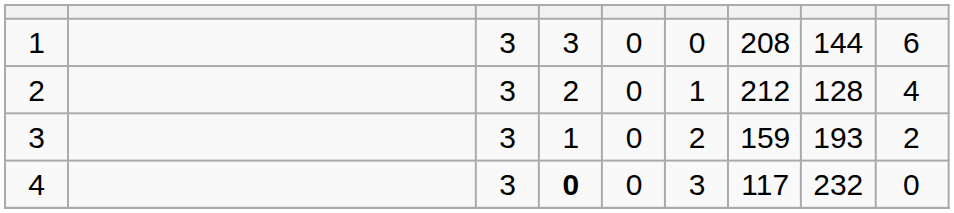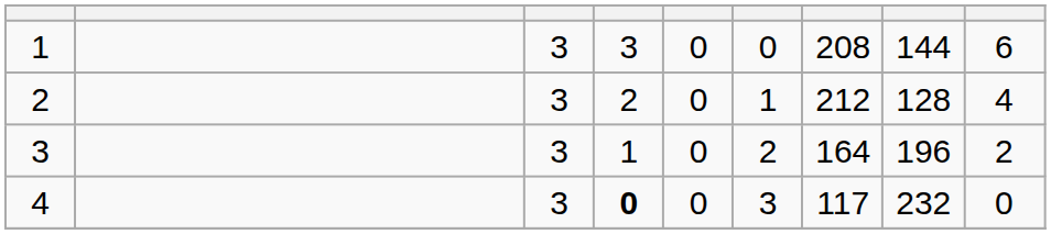 <table class="wikitable" style="text-align:center; font-size:95%">
 <tr>
 <th width="25"></th>
 <th width="200"></th>
 <th width="25"></th>
 <th width="25"></th>
 <th width="25"></th>
 <th width="25"></th>
 <th width="30"></th>
 <th width="30"></th>
 <th width="30"></th>
 </tr>
 <tr style="background:#">
 <td>1</td>
 <td style="text-align:left"></td>
 <td>3</td>
 <td>3</td>
 <td>0</td>
 <td>0</td>
 <td>208</td>
 <td>144</td>
 <td>6</td>
 </tr>
 <tr style="background:#">
 <td>2</td>
 <td style="text-align:left"></td>
 <td>3</td>
 <td>2</td>
 <td>0</td>
 <td>1</td>
 <td>212</td>
 <td>128</td>
 <td>4</td>
 </tr>
 <tr style="background:#">
 <td>3</td>
 <td style="text-align:left"></td>
 <td>3</td>
 <td>1</td>
 <td>0</td>
 <td>2</td>
-<td>159</td>
-<td>193</td>
+<td>164</td>
+<td>196</td>
 <td>2</td>
 </tr>
 <tr style="background:#">
 <td>4</td>
 <td style="text-align:left"></td>
 <td>3</td>
 <td><strong>0</strong></td>
 <td>0</td>
 <td>3</td>
 <td>117</td>
 <td>232</td>
 <td>0</td>
 </tr>
 <tr>
 </tr>
 </table>
